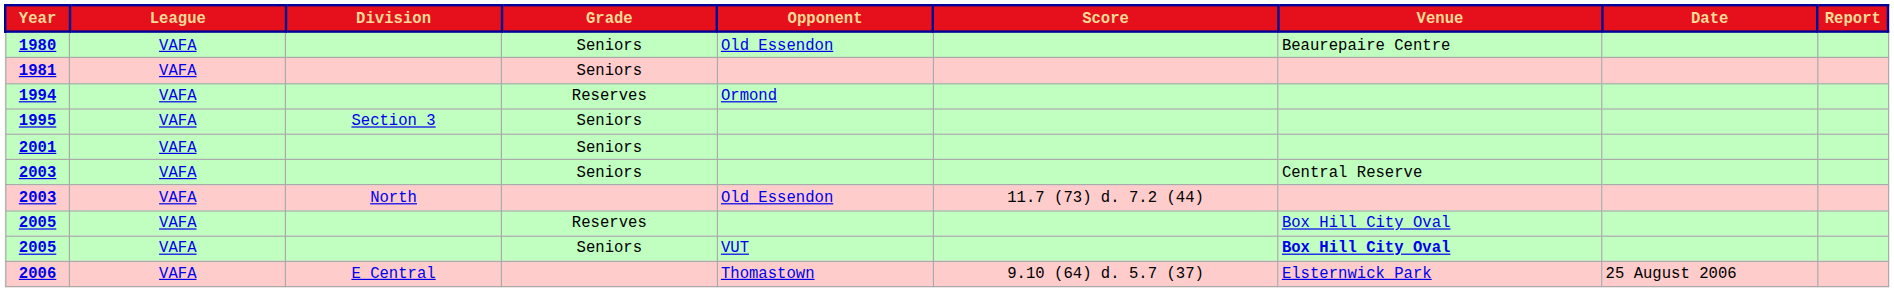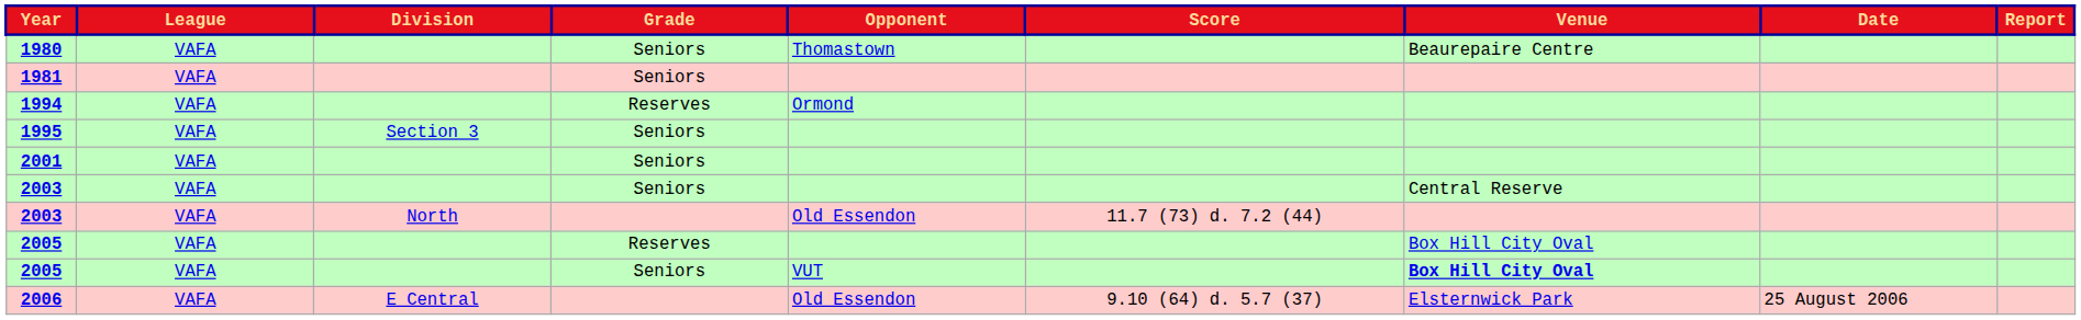 <table class="wikitable" style="text-align:center; text-valign:center">
 <tr>
 <th style="background:#E5101B; color:#FCDB98; border:solid #000099 2px"; width=3%>Year</th>
 <th style="background:#E5101B; color:#FCDB98; border:solid #000099 2px"; width=10%>League</th>
 <th style="background:#E5101B; color:#FCDB98; border:solid #000099 2px"; width=10%>Division</th>
 <th style="background:#E5101B; color:#FCDB98; border:solid #000099 2px"; width=10%>Grade</th>
 <th style="background:#E5101B; color:#FCDB98; border:solid #000099 2px"; width=10%>Opponent</th>
 <th style="background:#E5101B; color:#FCDB98; border:solid #000099 2px"; width=16%>Score</th>
 <th style="background:#E5101B; color:#FCDB98; border:solid #000099 2px"; width=15%>Venue</th>
 <th style="background:#E5101B; color:#FCDB98; border:solid #000099 2px"; width=10%>Date</th>
 <th style="background:#E5101B; color:#FCDB98; border:solid #000099 2px"; width=2%>Report</th>
 </tr>
 <tr style="background:#C0FFC0;">
 <td><strong><a href='#'>1980</a></strong></td>
 <td><a href='#'>VAFA</a></td>
 <td></td>
 <td>Seniors</td>
-<td align=left><a href='#'>Old Essendon</a></td>
+<td align=left><a href='#'>Thomastown</a></td>
 <td></td>
 <td align=left>Beaurepaire Centre</td>
 <td align=left></td>
 <td></td>
 </tr>
 <tr style="background:#fcc;">
 <td><strong><a href='#'>1981</a></strong></td>
 <td><a href='#'>VAFA</a></td>
 <td></td>
 <td>Seniors</td>
 <td align=left></td>
 <td></td>
 <td align=left></td>
 <td align=left></td>
 <td></td>
 </tr>
 <tr style="background:#C0FFC0;">
 <td><strong><a href='#'>1994</a></strong></td>
 <td><a href='#'>VAFA</a></td>
 <td></td>
 <td>Reserves</td>
 <td align=left><a href='#'>Ormond</a></td>
 <td></td>
 <td align=left></td>
 <td align=left></td>
 <td></td>
 </tr>
 <tr style="background:#C0FFC0;">
 <td><strong><a href='#'>1995</a></strong></td>
 <td><a href='#'>VAFA</a></td>
 <td><a href='#'>Section 3</a></td>
 <td>Seniors</td>
 <td align=left></td>
 <td></td>
 <td align=left></td>
 <td align=left></td>
 <td></td>
 </tr>
 <tr style="background:#C0FFC0;">
 <td><strong><a href='#'>2001</a></strong></td>
 <td><a href='#'>VAFA</a></td>
 <td></td>
 <td>Seniors</td>
 <td align=left></td>
 <td></td>
 <td align=left></td>
 <td align=left></td>
 <td></td>
 </tr>
 <tr style="background:#C0FFC0;">
 <td><strong><a href='#'>2003</a></strong></td>
 <td><a href='#'>VAFA</a></td>
 <td></td>
 <td>Seniors</td>
 <td align=left></td>
 <td></td>
 <td align=left>Central Reserve</td>
 <td align=left></td>
 <td></td>
 </tr>
 <tr style="background:#fcc;">
 <td><strong><a href='#'>2003</a></strong></td>
 <td><a href='#'>VAFA</a></td>
 <td><a href='#'>North</a></td>
 <td></td>
 <td align=left><a href='#'>Old Essendon</a></td>
 <td>11.7 (73) d. 7.2 (44)</td>
 <td align=left></td>
 <td align=left></td>
 <td></td>
 </tr>
 <tr style="background:#C0FFC0;">
 <td><strong><a href='#'>2005</a></strong></td>
 <td><a href='#'>VAFA</a></td>
 <td></td>
 <td>Reserves</td>
 <td align=left></td>
 <td></td>
 <td align=left><a href='#'>Box Hill City Oval</a></td>
 <td align=left></td>
 <td></td>
 </tr>
 <tr style="background:#C0FFC0;">
 <td><strong><a href='#'>2005</a></strong></td>
 <td><a href='#'>VAFA</a></td>
 <td></td>
 <td>Seniors</td>
 <td align=left><a href='#'>VUT</a></td>
 <td></td>
 <td align=left><strong><a href='#'>Box Hill City Oval</a></strong></td>
 <td align=left></td>
 <td></td>
 </tr>
 <tr style="background:#fcc;">
 <td><strong><a href='#'>2006</a></strong></td>
 <td><a href='#'>VAFA</a></td>
 <td><a href='#'>E Central</a></td>
 <td></td>
-<td align=left><a href='#'>Thomastown</a></td>
+<td align=left><a href='#'>Old Essendon</a></td>
 <td>9.10 (64) d. 5.7 (37)</td>
 <td align=left><a href='#'>Elsternwick Park</a></td>
 <td align=left>25 August 2006</td>
 <td></td>
 </tr>
 </table>
